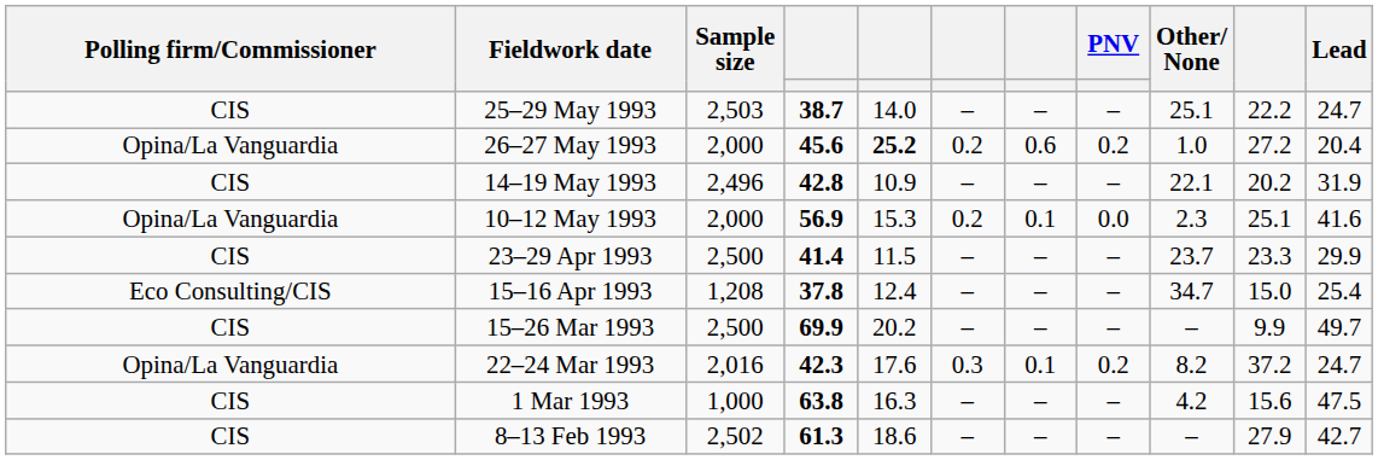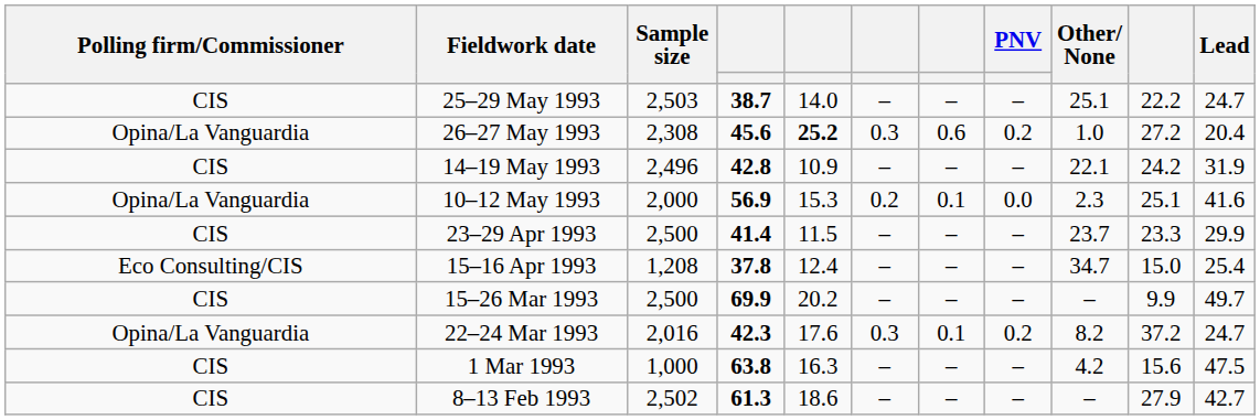 <table class="wikitable collapsible collapsed" style="text-align:center; font-size:90%; line-height:14px;">
 <tr style="height:42px;">
 <th style="width:250px;" rowspan="2">Polling firm/Commissioner</th>
 <th style="width:125px;" rowspan="2">Fieldwork date</th>
 <th style="width:50px;" rowspan="2">Sample size</th>
 <th style="width:35px;"></th>
 <th style="width:35px;"></th>
 <th style="width:35px;"></th>
 <th style="width:35px;"></th>
 <th style="width:35px;"><a href='#'>PNV</a></th>
 <th style="width:35px;" rowspan="2">Other/<br>None</th>
 <th style="width:35px;" rowspan="2"></th>
 <th style="width:30px;" rowspan="2">Lead</th>
 </tr>
 <tr>
 <th style="color:inherit;background:"></th>
 <th style="color:inherit;background:"></th>
 <th style="color:inherit;background:"></th>
 <th style="color:inherit;background:"></th>
 <th style="color:inherit;background:"></th>
 </tr>
 <tr>
 <td>CIS</td>
 <td>25–29 May 1993</td>
 <td>2,503</td>
 <td><strong>38.7</strong></td>
 <td>14.0</td>
 <td>–</td>
 <td>–</td>
 <td>–</td>
 <td>25.1</td>
 <td>22.2</td>
 <td style="background:">24.7</td>
 </tr>
 <tr>
 <td>Opina/La Vanguardia</td>
 <td>26–27 May 1993</td>
-<td>2,000</td>
+<td>2,308</td>
 <td><strong>45.6</strong></td>
 <td><strong>25.2</strong></td>
-<td>0.2</td>
+<td>0.3</td>
 <td>0.6</td>
 <td>0.2</td>
 <td>1.0</td>
 <td>27.2</td>
 <td style="background:">20.4</td>
 </tr>
 <tr>
 <td>CIS</td>
 <td>14–19 May 1993</td>
 <td>2,496</td>
 <td><strong>42.8</strong></td>
 <td>10.9</td>
 <td>–</td>
 <td>–</td>
 <td>–</td>
 <td>22.1</td>
-<td>20.2</td>
+<td>24.2</td>
 <td style="background:">31.9</td>
 </tr>
 <tr>
 <td>Opina/La Vanguardia</td>
 <td>10–12 May 1993</td>
 <td>2,000</td>
 <td><strong>56.9</strong></td>
 <td>15.3</td>
 <td>0.2</td>
 <td>0.1</td>
 <td>0.0</td>
 <td>2.3</td>
 <td>25.1</td>
 <td style="background:">41.6</td>
 </tr>
 <tr>
 <td>CIS</td>
 <td>23–29 Apr 1993</td>
 <td>2,500</td>
 <td><strong>41.4</strong></td>
 <td>11.5</td>
 <td>–</td>
 <td>–</td>
 <td>–</td>
 <td>23.7</td>
 <td>23.3</td>
 <td style="background:">29.9</td>
 </tr>
 <tr>
 <td>Eco Consulting/CIS</td>
 <td>15–16 Apr 1993</td>
 <td>1,208</td>
 <td><strong>37.8</strong></td>
 <td>12.4</td>
 <td>–</td>
 <td>–</td>
 <td>–</td>
 <td>34.7</td>
 <td>15.0</td>
 <td style="background:">25.4</td>
 </tr>
 <tr>
 <td>CIS</td>
 <td>15–26 Mar 1993</td>
 <td>2,500</td>
 <td><strong>69.9</strong></td>
 <td>20.2</td>
 <td>–</td>
 <td>–</td>
 <td>–</td>
 <td>–</td>
 <td>9.9</td>
 <td style="background:">49.7</td>
 </tr>
 <tr>
 <td>Opina/La Vanguardia</td>
 <td>22–24 Mar 1993</td>
 <td>2,016</td>
 <td><strong>42.3</strong></td>
 <td>17.6</td>
 <td>0.3</td>
 <td>0.1</td>
 <td>0.2</td>
 <td>8.2</td>
 <td>37.2</td>
 <td style="background:">24.7</td>
 </tr>
 <tr>
 <td>CIS</td>
 <td>1 Mar 1993</td>
 <td>1,000</td>
 <td><strong>63.8</strong></td>
 <td>16.3</td>
 <td>–</td>
 <td>–</td>
 <td>–</td>
 <td>4.2</td>
 <td>15.6</td>
 <td style="background:">47.5</td>
 </tr>
 <tr>
 <td>CIS</td>
 <td>8–13 Feb 1993</td>
 <td>2,502</td>
 <td><strong>61.3</strong></td>
 <td>18.6</td>
 <td>–</td>
 <td>–</td>
 <td>–</td>
 <td>–</td>
 <td>27.9</td>
 <td style="background:">42.7</td>
 </tr>
 </table>
